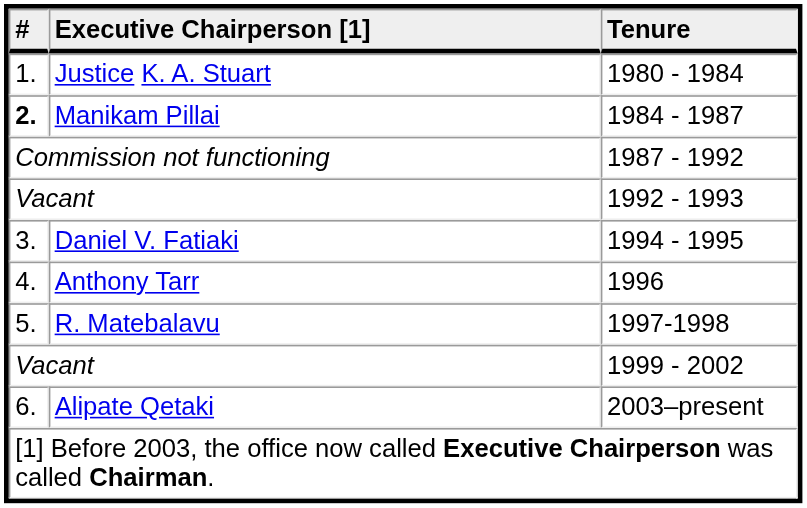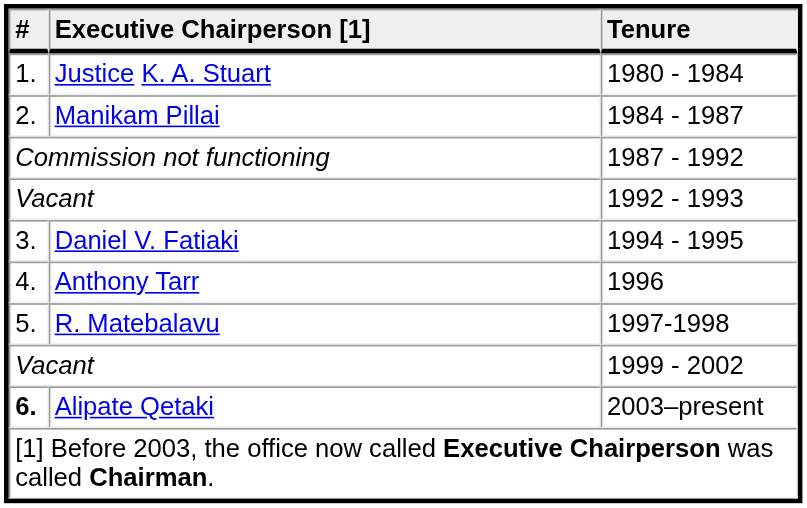 <table table width="80%" border="1" align="center" cellpadding=3 cellspacing=0 style="margin:5px; border:3px solid;">
 <tr>
 <td td width="5%" style="border-bottom:3px solid; background:#efefef;"><strong>#</strong></td>
 <td td width="70%" style="border-bottom:3px solid; background:#efefef;"><strong>Executive Chairperson [1]</strong></td>
 <td td width="30%" style="border-bottom:3px solid; background:#efefef;"><strong>Tenure</strong></td>
 </tr>
 <tr>
 <td>1.</td>
 <td><a href='#'>Justice</a> <a href='#'>K. A. Stuart</a></td>
 <td>1980 - 1984</td>
 </tr>
 <tr>
-<td><strong>2.</strong></td>
+<td>2.</td>
 <td><a href='#'>Manikam Pillai</a></td>
 <td>1984 - 1987</td>
 </tr>
 <tr>
 <td colspan=2><em>Commission not functioning</em></td>
 <td>1987 - 1992</td>
 </tr>
 <tr>
 <td colspan=2><em>Vacant</em></td>
 <td>1992 - 1993</td>
 </tr>
 <tr>
 <td>3.</td>
 <td><a href='#'>Daniel V. Fatiaki</a></td>
 <td>1994 - 1995</td>
 </tr>
 <tr>
 <td>4.</td>
 <td><a href='#'>Anthony Tarr</a></td>
 <td>1996</td>
 </tr>
 <tr>
 <td>5.</td>
 <td><a href='#'>R. Matebalavu</a></td>
 <td>1997-1998</td>
 </tr>
 <tr>
 <td colspan=2><em>Vacant</em></td>
 <td>1999 - 2002</td>
 </tr>
 <tr>
-<td>6.</td>
+<td><strong>6.</strong></td>
 <td><a href='#'>Alipate Qetaki</a></td>
 <td>2003–present</td>
 </tr>
 <tr>
 <td colspan=3>[1] Before 2003, the office now called <strong>Executive Chairperson</strong> was called <strong>Chairman</strong>.</td>
 </tr>
 </table>
